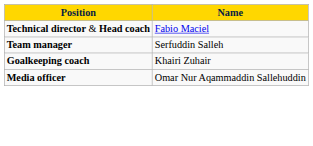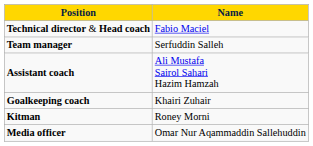 <table class="wikitable">
 <tr>
 <th style="color:#081D43;background:#FFD700">Position</th>
 <th style="color:#081D43;background:#FFD700">Name</th>
 </tr>
 <tr>
 <td><strong>Technical director</strong> & <strong>Head coach</strong></td>
 <td> <a href='#'>Fabio Maciel</a></td>
 </tr>
 <tr>
 <td><strong>Team manager</strong></td>
 <td> Serfuddin Salleh</td>
 </tr>
 <tr>
+<td><strong>Assistant coach</strong></td>
+<td> <a href='#'>Ali Mustafa</a><br> <a href='#'>Sairol Sahari</a><br> Hazim Hamzah</td>
+</tr>
+<tr>
 <td><strong>Goalkeeping coach</strong></td>
 <td> Khairi Zuhair</td>
+</tr>
+<tr>
+<td><strong>Kitman</strong></td>
+<td> Roney Morni</td>
 </tr>
 <tr>
 <td><strong>Media officer</strong></td>
 <td> Omar Nur Aqammaddin Sallehuddin</td>
 </tr>
 </table>
